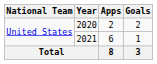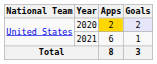 <table class="wikitable" style="text-align:center">
 <tr>
 <th>National Team</th>
 <th>Year</th>
 <th>Apps</th>
 <th>Goals</th>
 </tr>
 <tr>
 <td rowspan="2"><a href='#'>United States</a></td>
 <td>2020</td>
-<td>2</td>
-<td>2</td>
+<td style="background: gold;">2</td>
+<td style="background: lavender;">2</td>
 </tr>
 <tr>
 <td>2021</td>
 <td>6</td>
 <td>1</td>
 </tr>
 <tr>
 <th colspan="2">Total</th>
 <th>8</th>
 <th>3</th>
 </tr>
 </table>
